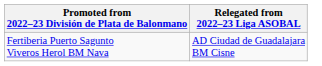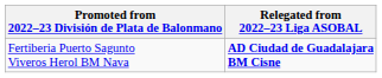 <table class="wikitable">
 <tr>
 <th>Promoted from<br><a href='#'>2022–23 División de Plata de Balonmano</a></th>
 <th>Relegated from<br><a href='#'>2022–23 Liga ASOBAL</a></th>
 </tr>
 <tr>
 <td><a href='#'>Fertiberia Puerto Sagunto</a><br><a href='#'>Viveros Herol BM Nava</a></td>
-<td><a href='#'>AD Ciudad de Guadalajara</a><br><a href='#'>BM Cisne</a></td>
+<td><strong><a href='#'>AD Ciudad de Guadalajara</a><br><a href='#'>BM Cisne</a></strong></td>
 </tr>
 </table>
